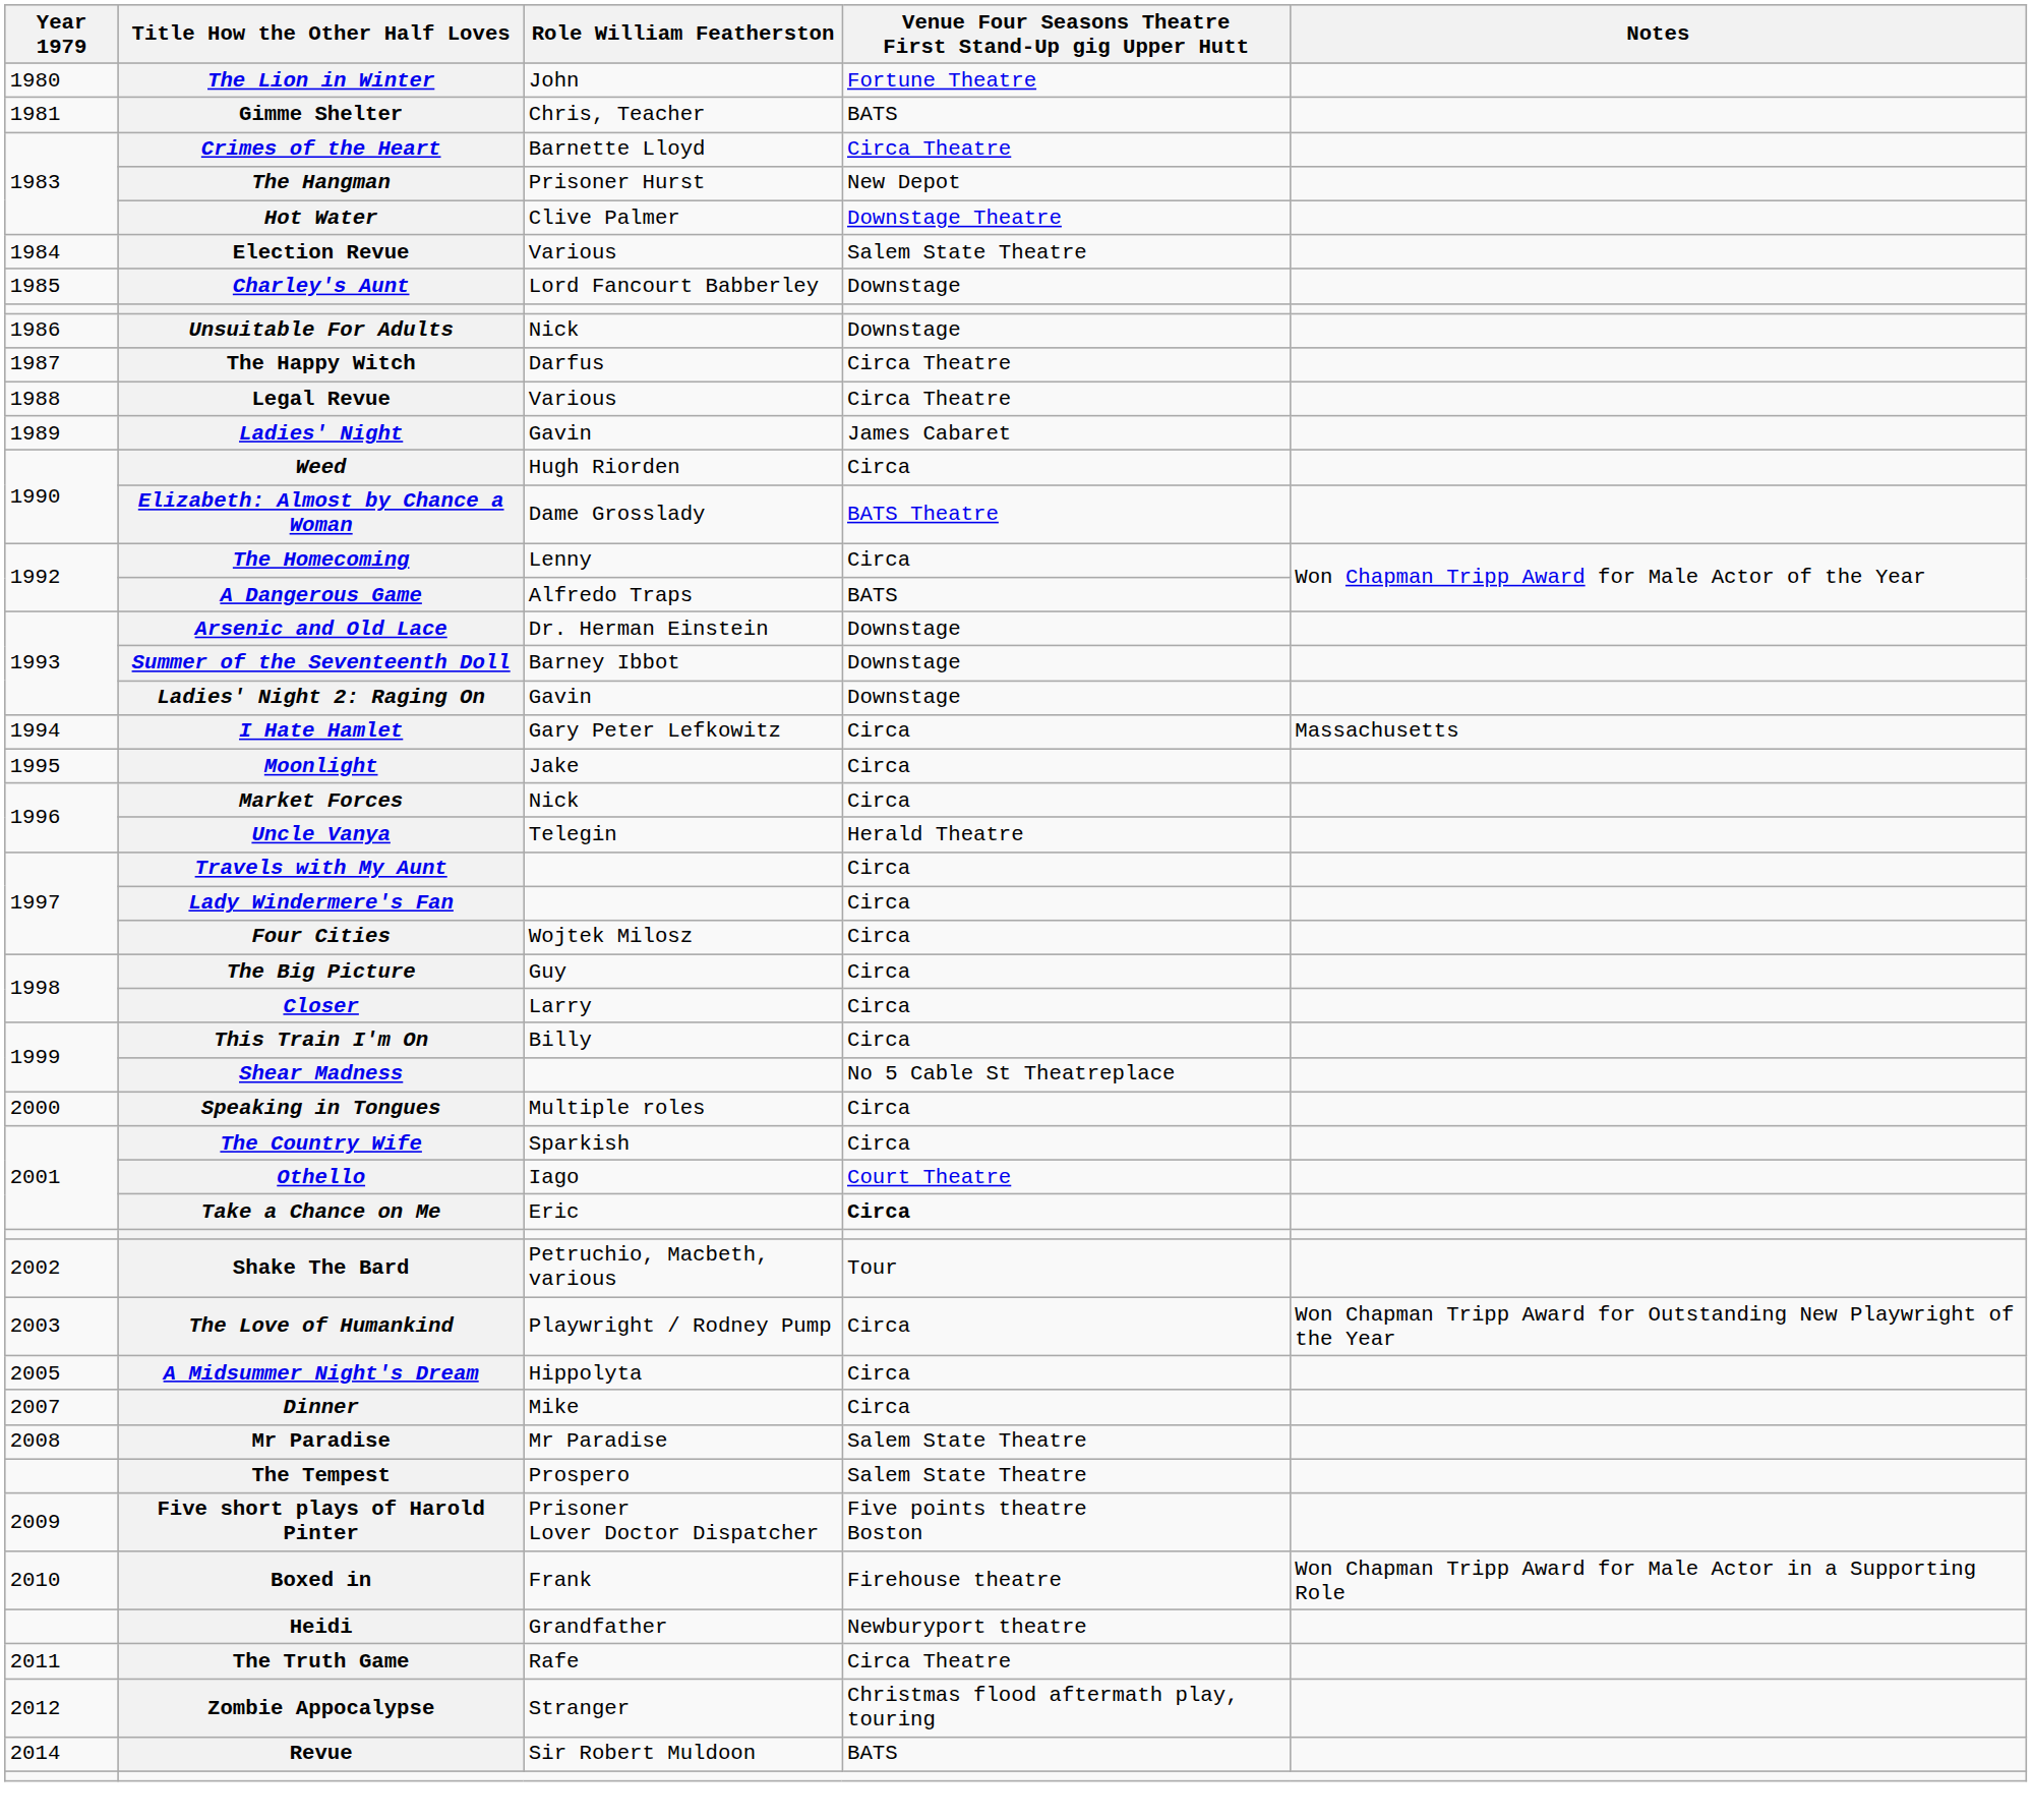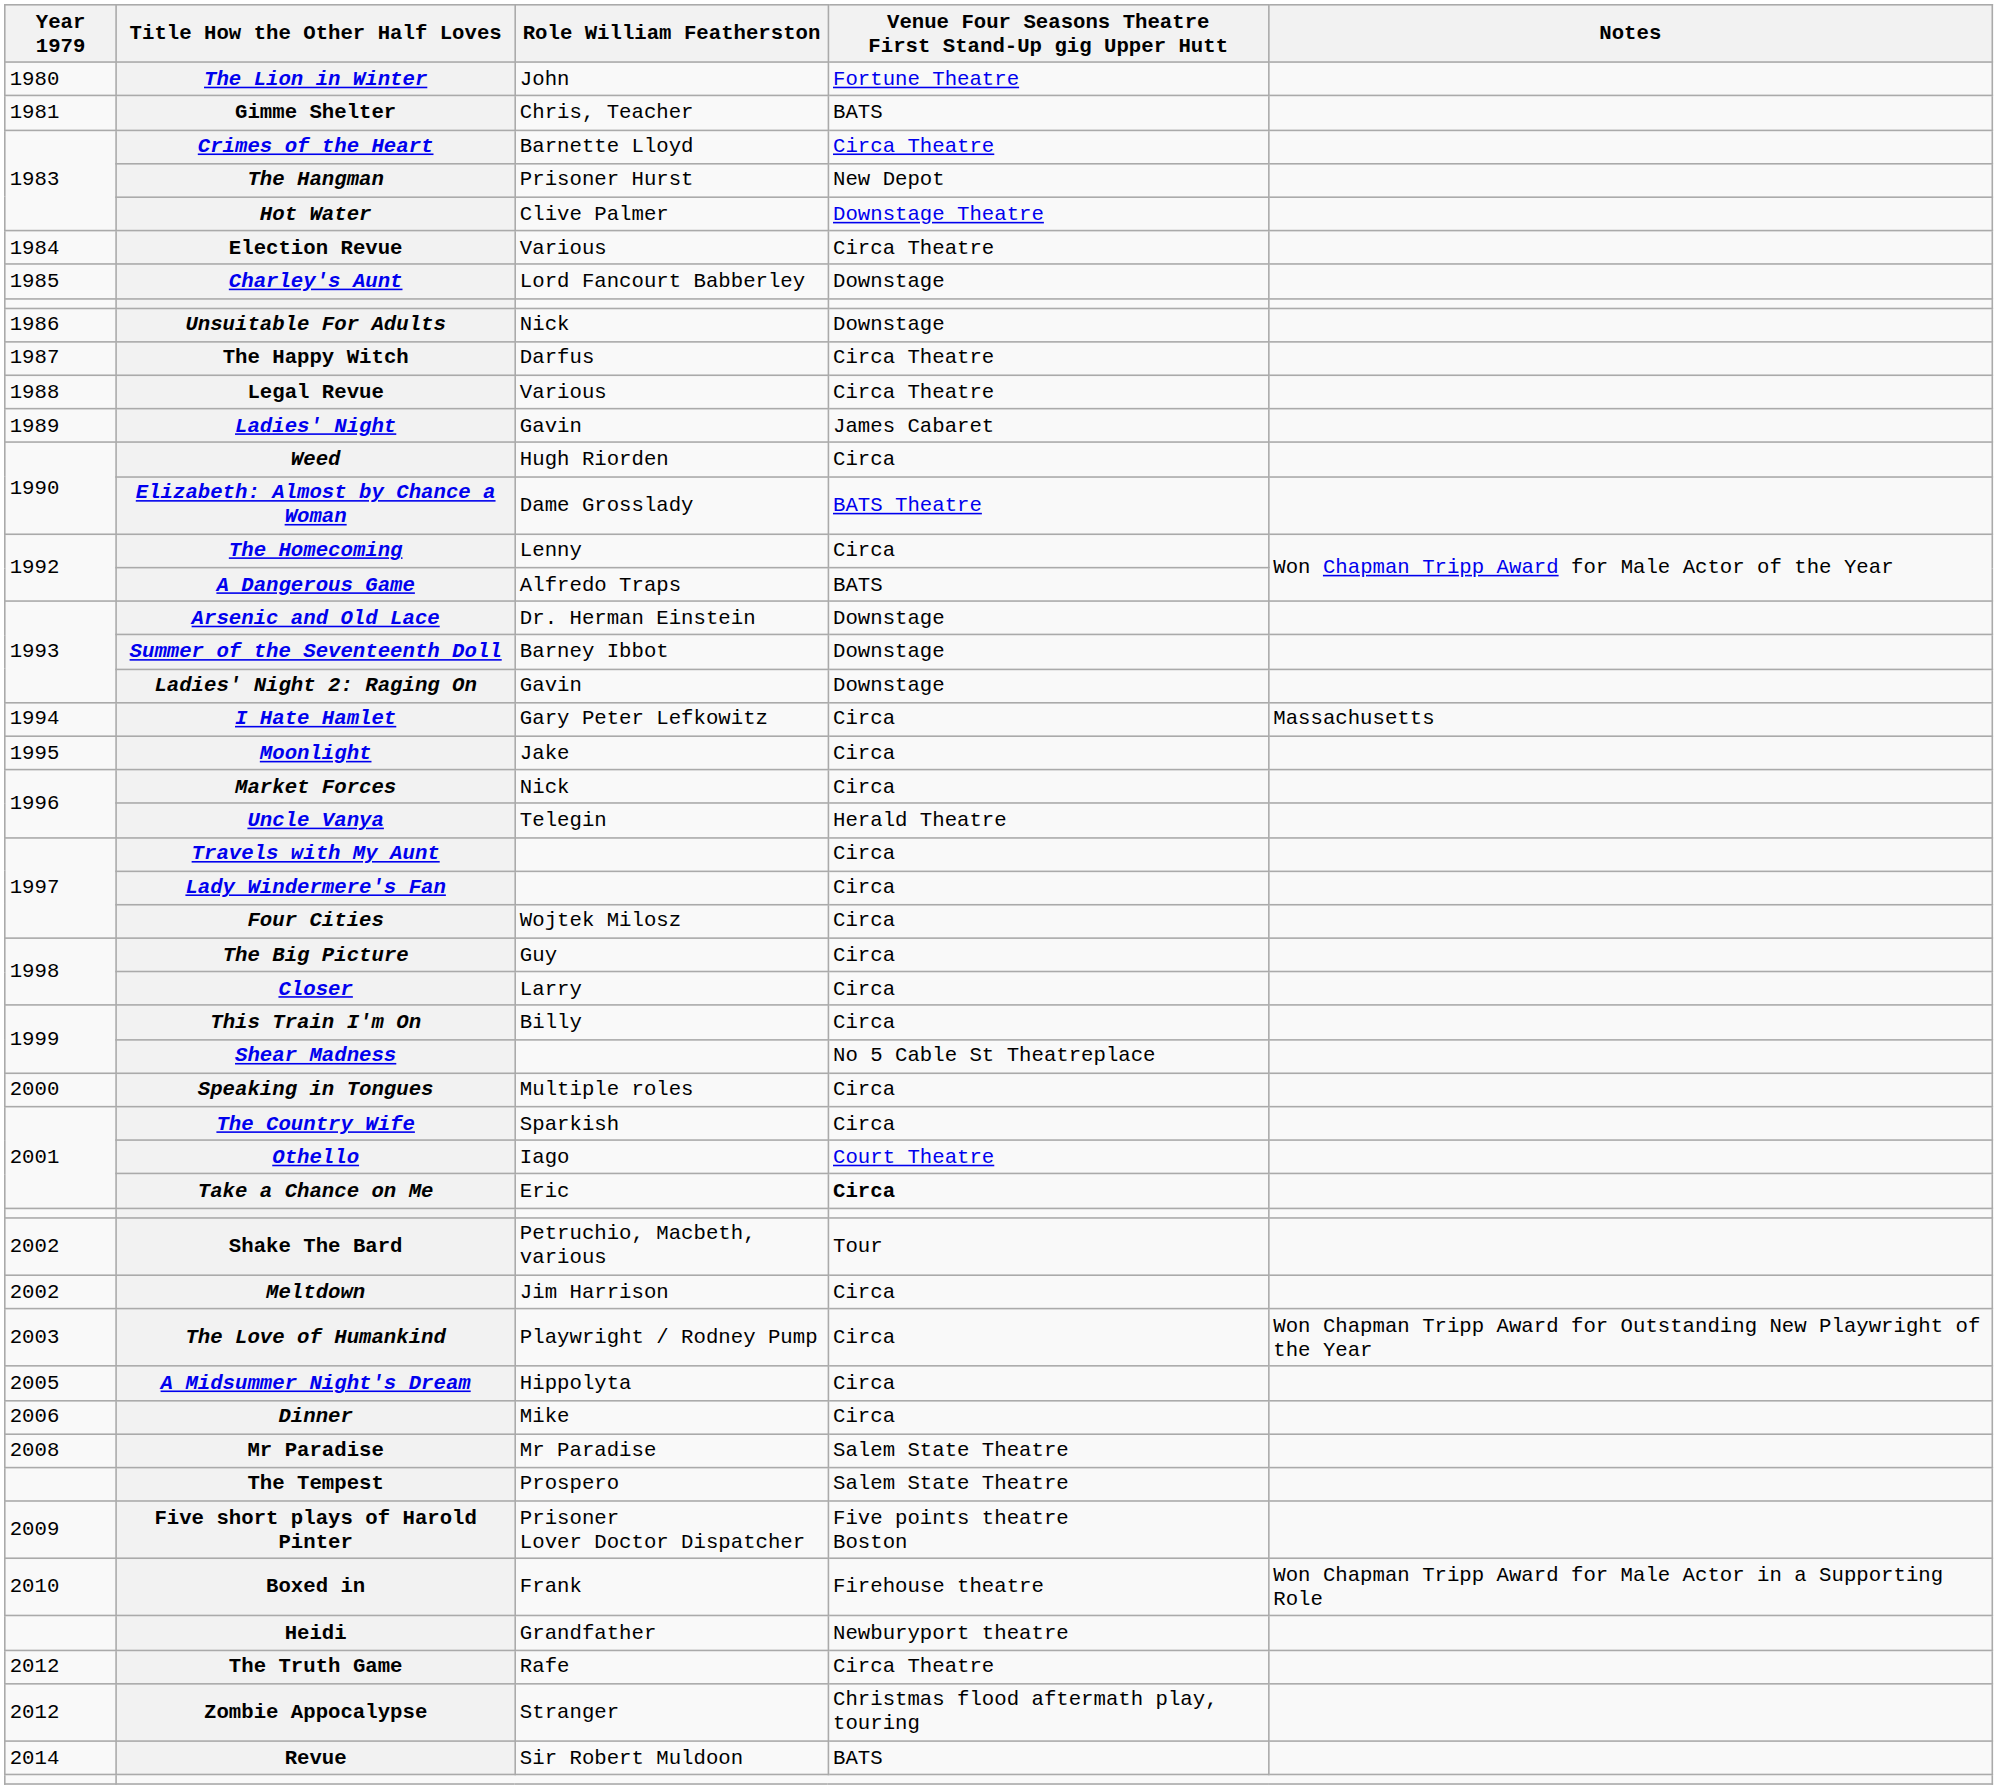 <table class="wikitable plainrowheaders sortable">
 <tr>
 <th scope="col">Year 1979</th>
 <th scope="col">Title How the Other Half Loves</th>
 <th scope="col">Role William Featherston</th>
 <th scope="col">Venue Four Seasons Theatre<br>First Stand-Up gig Upper Hutt</th>
 <th scope="col" class="unsortable">Notes</th>
 </tr>
 <tr>
 <td>1980</td>
 <th scope="row"><em><a href='#'>The Lion in Winter</a></em></th>
 <td>John</td>
 <td><a href='#'>Fortune Theatre</a></td>
 <td></td>
 </tr>
 <tr>
 <td>1981</td>
 <th>Gimme Shelter</th>
 <td>Chris, Teacher</td>
 <td>BATS</td>
 <td></td>
 </tr>
 <tr>
 <td rowspan=3>1983</td>
 <th scope="row"><em><a href='#'>Crimes of the Heart</a></em></th>
 <td>Barnette Lloyd</td>
 <td><a href='#'>Circa Theatre</a></td>
 <td></td>
 </tr>
 <tr>
 <th scope="row"><em>The Hangman</em></th>
 <td>Prisoner Hurst</td>
 <td>New Depot</td>
 <td></td>
 </tr>
 <tr>
 <th scope="row"><em>Hot Water</em></th>
 <td>Clive Palmer </td>
 <td><a href='#'>Downstage Theatre</a></td>
 <td></td>
 </tr>
 <tr>
 <td>1984</td>
 <th>Election Revue</th>
 <td>Various</td>
-<td>Salem State Theatre</td>
+<td>Circa Theatre</td>
 <td></td>
 </tr>
 <tr>
 <td>1985</td>
 <th scope="row"><em><a href='#'>Charley's Aunt</a></em></th>
 <td>Lord Fancourt Babberley</td>
 <td>Downstage</td>
 <td></td>
 </tr>
 <tr>
 <td></td>
 <th></th>
 <td></td>
 <td></td>
 <td></td>
 </tr>
 <tr>
 <td>1986</td>
 <th scope="row"><em>Unsuitable For Adults</em></th>
 <td>Nick</td>
 <td>Downstage</td>
 <td></td>
 </tr>
 <tr>
 <td>1987</td>
 <th>The Happy Witch</th>
 <td>Darfus</td>
 <td>Circa Theatre</td>
 <td></td>
 </tr>
 <tr>
 <td>1988</td>
 <th>Legal Revue</th>
 <td>Various</td>
 <td>Circa Theatre</td>
 <td></td>
 </tr>
 <tr>
 <td>1989</td>
 <th scope="row"><em><a href='#'>Ladies' Night</a></em></th>
 <td>Gavin</td>
 <td>James Cabaret</td>
 <td></td>
 </tr>
 <tr>
 <td rowspan=2>1990</td>
 <th scope="row"><em>Weed</em></th>
 <td>Hugh Riorden</td>
 <td>Circa</td>
 <td></td>
 </tr>
 <tr>
 <th scope="row"><em><a href='#'>Elizabeth: Almost by Chance a Woman</a></em></th>
 <td>Dame Grosslady</td>
 <td><a href='#'>BATS Theatre</a></td>
 <td></td>
 </tr>
 <tr>
 <td rowspan=2>1992</td>
 <th scope="row"><em><a href='#'>The Homecoming</a></em></th>
 <td>Lenny</td>
 <td>Circa</td>
 <td rowspan=2>Won <a href='#'>Chapman Tripp Award</a> for Male Actor of the Year</td>
 </tr>
 <tr>
 <th scope="row"><em><a href='#'>A Dangerous Game</a></em></th>
 <td>Alfredo Traps</td>
 <td>BATS</td>
 </tr>
 <tr>
 <td rowspan=3>1993</td>
 <th scope="row"><em><a href='#'>Arsenic and Old Lace</a></em></th>
 <td>Dr. Herman Einstein</td>
 <td>Downstage</td>
 <td></td>
 </tr>
 <tr>
 <th scope="row"><em><a href='#'>Summer of the Seventeenth Doll</a></em></th>
 <td>Barney Ibbot</td>
 <td>Downstage</td>
 <td></td>
 </tr>
 <tr>
 <th scope="row"><em>Ladies' Night 2: Raging On</em></th>
 <td>Gavin</td>
 <td>Downstage</td>
 <td></td>
 </tr>
 <tr>
 <td>1994</td>
 <th scope="row"><em><a href='#'>I Hate Hamlet</a></em></th>
 <td>Gary Peter Lefkowitz</td>
 <td>Circa</td>
 <td>Massachusetts</td>
 </tr>
 <tr>
 <td>1995</td>
 <th scope="row"><em><a href='#'>Moonlight</a></em></th>
 <td>Jake</td>
 <td>Circa</td>
 <td></td>
 </tr>
 <tr>
 <td rowspan=2>1996</td>
 <th scope="row"><em>Market Forces</em></th>
 <td>Nick</td>
 <td>Circa</td>
 <td></td>
 </tr>
 <tr>
 <th scope="row"><em><a href='#'>Uncle Vanya</a></em></th>
 <td>Telegin</td>
 <td>Herald Theatre</td>
 <td></td>
 </tr>
 <tr>
 <td rowspan=3>1997</td>
 <th scope="row"><em><a href='#'>Travels with My Aunt</a></em></th>
 <td></td>
 <td>Circa</td>
 <td></td>
 </tr>
 <tr>
 <th scope="row"><em><a href='#'>Lady Windermere's Fan</a></em></th>
 <td></td>
 <td>Circa</td>
 <td></td>
 </tr>
 <tr>
 <th scope="row"><em>Four Cities</em></th>
 <td>Wojtek Milosz</td>
 <td>Circa</td>
 <td></td>
 </tr>
 <tr>
 <td rowspan=2>1998</td>
 <th scope="row"><em>The Big Picture</em></th>
 <td>Guy</td>
 <td>Circa</td>
 <td></td>
 </tr>
 <tr>
 <th scope="row"><em><a href='#'>Closer</a></em></th>
 <td>Larry</td>
 <td>Circa</td>
 <td></td>
 </tr>
 <tr>
 <td rowspan=2>1999</td>
 <th scope="row"><em>This Train I'm On</em></th>
 <td>Billy</td>
 <td>Circa</td>
 <td></td>
 </tr>
 <tr>
 <th scope="row"><em><a href='#'>Shear Madness</a></em></th>
 <td></td>
 <td>No 5 Cable St Theatreplace</td>
 <td></td>
 </tr>
 <tr>
 <td>2000</td>
 <th scope="row"><em>Speaking in Tongues</em></th>
 <td>Multiple roles</td>
 <td>Circa</td>
 <td></td>
 </tr>
 <tr>
 <td rowspan=3>2001</td>
 <th scope="row"><em><a href='#'>The Country Wife</a></em></th>
 <td>Sparkish</td>
 <td>Circa</td>
 <td></td>
 </tr>
 <tr>
 <th scope="row"><em><a href='#'>Othello</a></em></th>
 <td>Iago</td>
 <td><a href='#'>Court Theatre</a></td>
 <td></td>
 </tr>
 <tr>
 <th scope="row"><em>Take a Chance on Me</em></th>
 <td>Eric</td>
 <td><strong>Circa</strong></td>
 <td></td>
 </tr>
 <tr>
 <td></td>
 <th></th>
 <td></td>
 <td></td>
 <td></td>
 </tr>
 <tr>
 <td>2002</td>
 <th>Shake The Bard</th>
 <td>Petruchio, Macbeth, various</td>
 <td>Tour</td>
 <td></td>
 </tr>
 <tr>
+<td>2002</td>
+<th scope="row"><em>Meltdown</em></th>
+<td>Jim Harrison</td>
+<td>Circa</td>
+<td></td>
+</tr>
+<tr>
 <td>2003</td>
 <th scope="row"><em>The Love of Humankind</em></th>
 <td>Playwright / Rodney Pump</td>
 <td>Circa</td>
 <td>Won Chapman Tripp Award for Outstanding New Playwright of the Year</td>
 </tr>
 <tr>
 <td>2005</td>
 <th scope="row"><em><a href='#'>A Midsummer Night's Dream</a></em></th>
 <td>Hippolyta</td>
 <td>Circa</td>
 <td></td>
 </tr>
 <tr>
-<td>2007</td>
+<td>2006</td>
 <th scope="row"><em>Dinner</em></th>
 <td>Mike</td>
 <td>Circa</td>
 <td></td>
 </tr>
 <tr>
 <td>2008</td>
 <th>Mr Paradise</th>
 <td>Mr Paradise</td>
 <td>Salem State Theatre</td>
 <td></td>
 </tr>
 <tr>
 <td></td>
 <th>The Tempest</th>
 <td>Prospero</td>
 <td>Salem State Theatre</td>
 <td></td>
 </tr>
 <tr>
 <td>2009</td>
 <th>Five short plays    of Harold Pinter</th>
 <td>Prisoner<br>Lover Doctor Dispatcher</td>
 <td>Five points theatre<br>Boston</td>
 <td></td>
 </tr>
 <tr>
 <td>2010</td>
 <th>Boxed in</th>
 <td>Frank</td>
 <td>Firehouse theatre</td>
 <td>Won Chapman Tripp Award for Male Actor in a Supporting Role</td>
 </tr>
 <tr>
 <td></td>
 <th>Heidi</th>
 <td>Grandfather</td>
 <td>Newburyport theatre</td>
 <td></td>
 </tr>
 <tr>
-<td>2011</td>
+<td>2012</td>
 <th>The Truth Game</th>
 <td>Rafe</td>
 <td>Circa Theatre</td>
 <td></td>
 </tr>
 <tr>
 <td>2012</td>
 <th>Zombie Appocalypse</th>
 <td>Stranger</td>
 <td>Christmas flood aftermath play, touring</td>
 <td></td>
 </tr>
 <tr>
 <td>2014</td>
 <th>Revue</th>
 <td>Sir Robert Muldoon</td>
 <td>BATS</td>
 <td></td>
 </tr>
 <tr>
 <td></td>
 </tr>
 </table>
